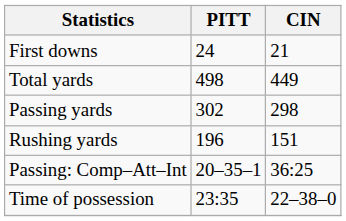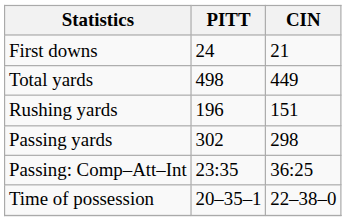 <table class="wikitable" style="float: left;">
 <tr>
 <th>Statistics</th>
 <th>PITT</th>
 <th>CIN</th>
 </tr>
 <tr>
 <td>First downs</td>
 <td>24</td>
 <td>21</td>
 </tr>
 <tr>
 <td>Total yards</td>
 <td>498</td>
 <td>449</td>
 </tr>
 <tr>
+<td>Rushing yards</td>
+<td>196</td>
+<td>151</td>
+</tr>
+<tr>
 <td>Passing yards</td>
 <td>302</td>
 <td>298</td>
 </tr>
 <tr>
-<td>Rushing yards</td>
-<td>196</td>
-<td>151</td>
-</tr>
-<tr>
 <td>Passing: Comp–Att–Int</td>
-<td>20–35–1</td>
+<td>23:35</td>
 <td>36:25</td>
 </tr>
 <tr>
 <td>Time of possession</td>
-<td>23:35</td>
+<td>20–35–1</td>
 <td>22–38–0</td>
 </tr>
 <tr>
 </tr>
 </table>
